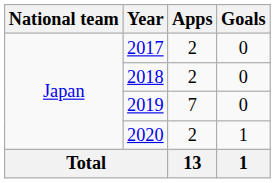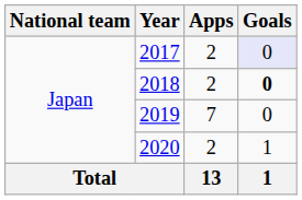 <table class="wikitable" style="text-align:center">
 <tr>
 <th>National team</th>
 <th>Year</th>
 <th>Apps</th>
 <th>Goals</th>
 </tr>
 <tr>
 <td rowspan="4"><a href='#'>Japan</a></td>
 <td><a href='#'>2017</a></td>
 <td>2</td>
-<td>0</td>
+<td style="background: lavender;">0</td>
 </tr>
 <tr>
 <td><a href='#'>2018</a></td>
 <td>2</td>
-<td>0</td>
+<td><strong>0</strong></td>
 </tr>
 <tr>
 <td><a href='#'>2019</a></td>
 <td>7</td>
 <td>0</td>
 </tr>
 <tr>
 <td><a href='#'>2020</a></td>
 <td>2</td>
 <td>1</td>
 </tr>
 <tr>
 <th colspan="2">Total</th>
 <th>13</th>
 <th>1</th>
 </tr>
 </table>
